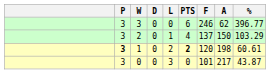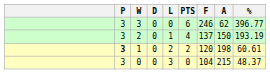 <table class=wikitable style="text-align:center">
 <tr>
 <th width=175></th>
 <th width=20>P</th>
 <th width=20>W</th>
 <th width=20>D</th>
 <th width=20>L</th>
 <th width=20>PTS</th>
 <th width=20>F</th>
 <th width=20>A</th>
 <th width=20>%</th>
 </tr>
 <tr style="background-color:#ccffcc;">
 <td style="text-align:left;"></td>
 <td>3</td>
 <td>3</td>
 <td>0</td>
 <td>0</td>
 <td>6</td>
 <td>246</td>
 <td>62</td>
 <td>396.77</td>
 </tr>
 <tr style="background-color:#ccffcc;">
 <td style="text-align:left;"></td>
 <td>3</td>
 <td>2</td>
 <td>0</td>
 <td>1</td>
 <td>4</td>
 <td>137</td>
 <td>150</td>
-<td>103.29</td>
+<td>193.19</td>
 </tr>
 <tr style="background:#FFFFBF;">
 <td style="text-align:left;"></td>
 <td><strong>3</strong></td>
 <td>1</td>
 <td>0</td>
 <td>2</td>
-<td><strong>2</strong></td>
+<td>2</td>
 <td>120</td>
 <td>198</td>
 <td>60.61</td>
 </tr>
 <tr style="background:#FFFFBF;">
 <td style="text-align:left;"></td>
 <td>3</td>
 <td>0</td>
 <td>0</td>
 <td>3</td>
 <td>0</td>
-<td>101</td>
-<td>217</td>
-<td>43.87</td>
+<td>104</td>
+<td>215</td>
+<td>48.37</td>
 </tr>
 </table>
